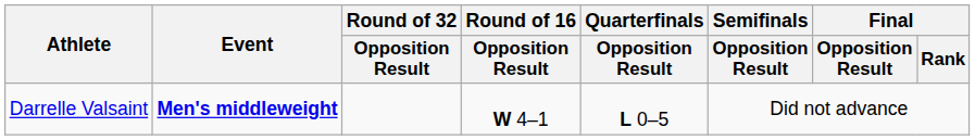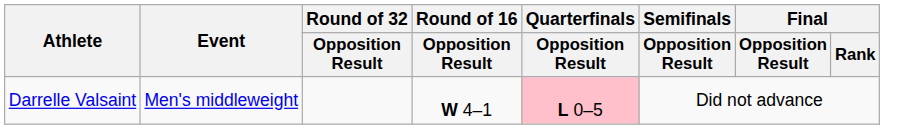 <table class="wikitable" style="font-size:90%">
 <tr>
 <th rowspan="2">Athlete</th>
 <th rowspan="2">Event</th>
 <th>Round of 32</th>
 <th>Round of 16</th>
 <th>Quarterfinals</th>
 <th>Semifinals</th>
 <th colspan=2>Final</th>
 </tr>
 <tr style="font-size:95%">
 <th>Opposition<br>Result</th>
 <th>Opposition<br>Result</th>
 <th>Opposition<br>Result</th>
 <th>Opposition<br>Result</th>
 <th>Opposition<br>Result</th>
 <th>Rank</th>
 </tr>
 <tr align=center>
 <td align=left><a href='#'>Darrelle Valsaint</a></td>
-<td align=left><strong><a href='#'>Men's middleweight</a></strong></td>
+<td align=left><a href='#'>Men's middleweight</a></td>
 <td></td>
 <td><br><strong>W</strong> 4–1</td>
-<td><br><strong>L</strong> 0–5</td>
+<td style="background: pink;"><br><strong>L</strong> 0–5</td>
 <td colspan="3">Did not advance</td>
 </tr>
 </table>
